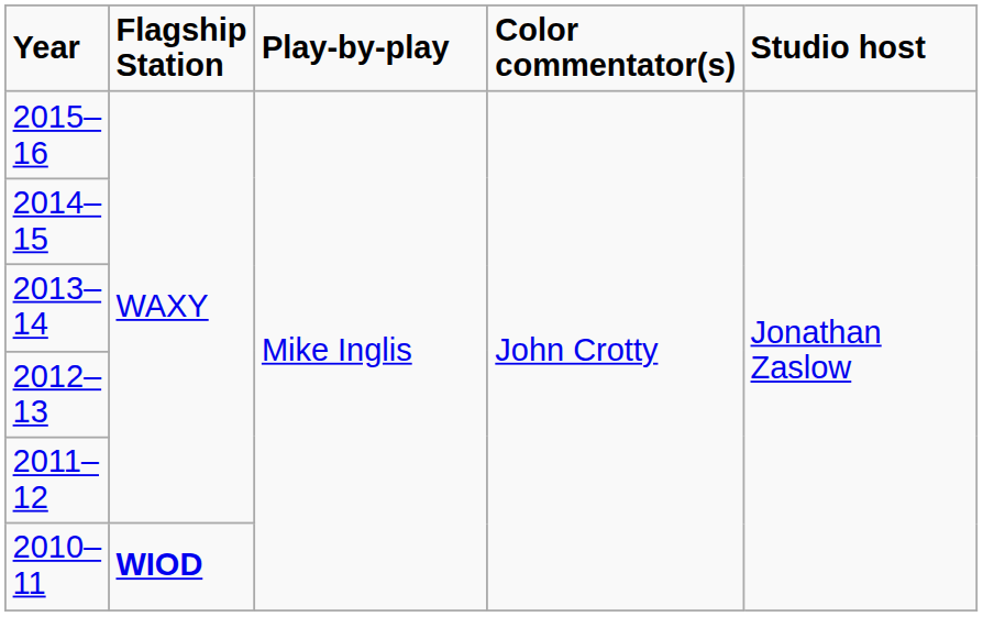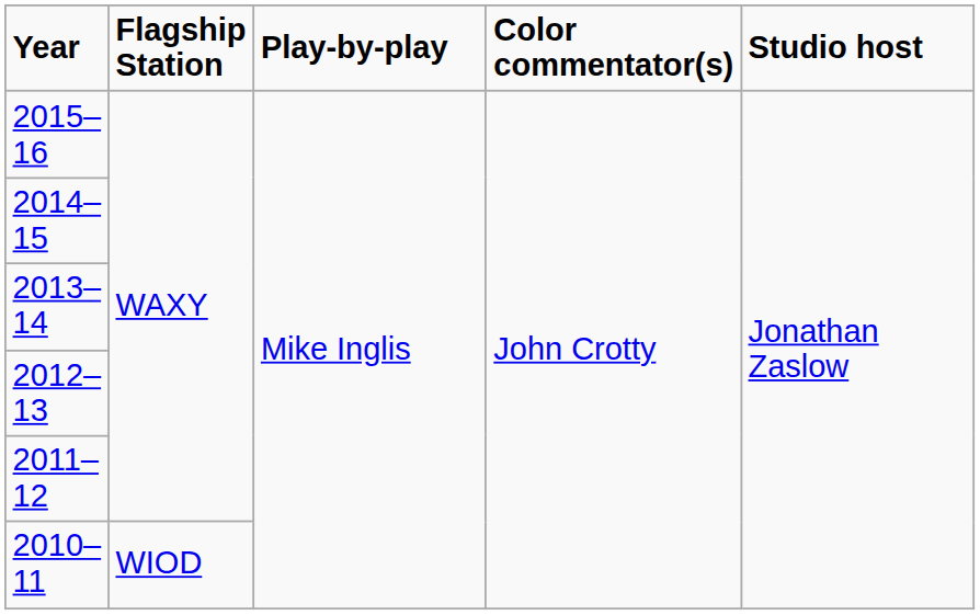 <table class="wikitable">
 <tr>
 <td width="40"><strong>Year</strong></td>
 <td width="40"><strong>Flagship Station</strong></td>
 <td width="110"><strong>Play-by-play</strong></td>
 <td width="110"><strong>Color commentator(s)</strong></td>
 <td width="110"><strong>Studio host</strong></td>
 </tr>
 <tr>
 <td><a href='#'>2015–16</a></td>
 <td rowspan=5><a href='#'>WAXY</a></td>
 <td rowspan=6><a href='#'>Mike Inglis</a></td>
 <td rowspan=6><a href='#'>John Crotty</a></td>
 <td rowspan=6><a href='#'>Jonathan Zaslow</a></td>
 </tr>
 <tr>
 <td><a href='#'>2014–15</a></td>
 </tr>
 <tr>
 <td><a href='#'>2013–14</a></td>
 </tr>
 <tr>
 <td><a href='#'>2012–13</a></td>
 </tr>
 <tr>
 <td><a href='#'>2011–12</a></td>
 </tr>
 <tr>
 <td><a href='#'>2010–11</a></td>
-<td><strong><a href='#'>WIOD</a></strong></td>
+<td><a href='#'>WIOD</a></td>
 </tr>
 </table>
